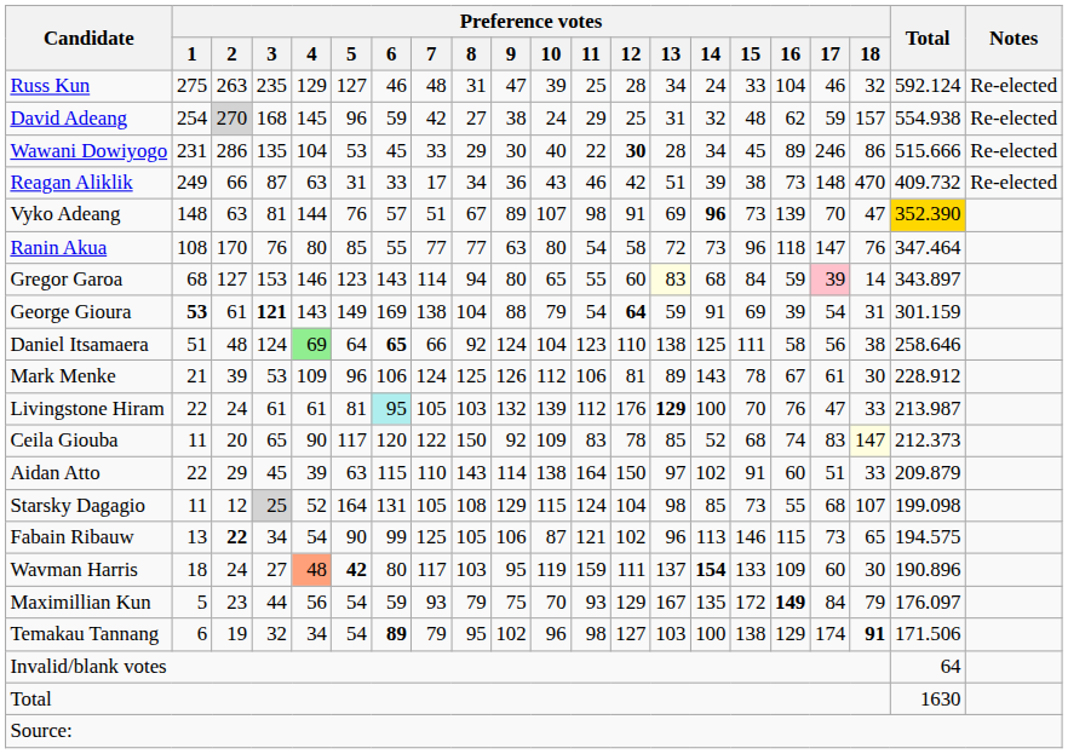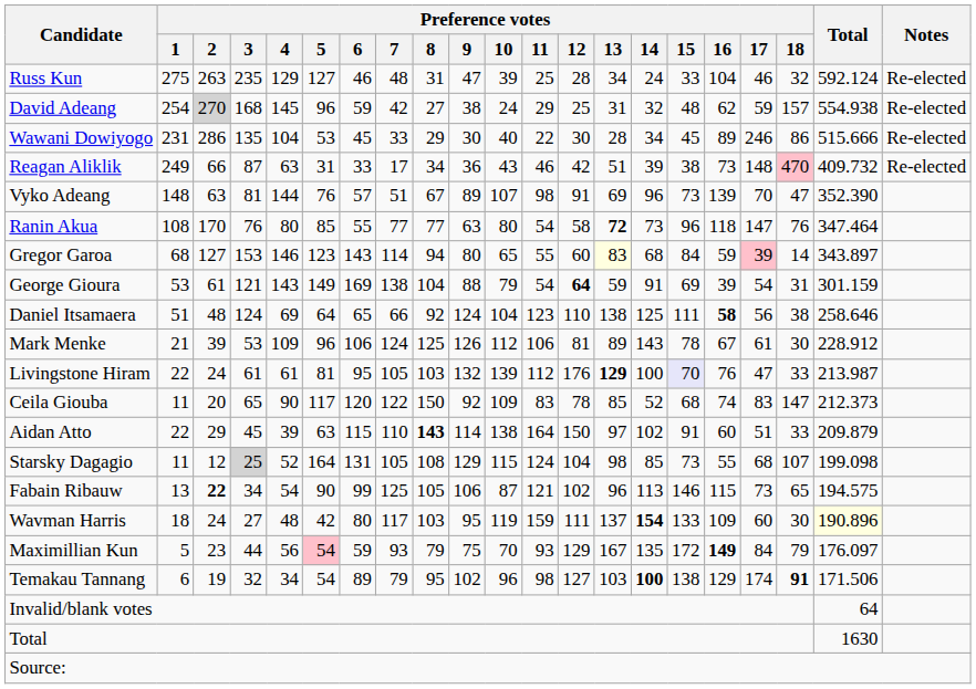 <table class="wikitable" style="text-align:right">
 <tr>
 <th rowspan="2">Candidate</th>
 <th colspan="18">Preference votes</th>
 <th rowspan="2">Total</th>
 <th rowspan="2">Notes</th>
 </tr>
 <tr>
 <th>1</th>
 <th>2</th>
 <th>3</th>
 <th>4</th>
 <th>5</th>
 <th>6</th>
 <th>7</th>
 <th>8</th>
 <th>9</th>
 <th>10</th>
 <th>11</th>
 <th>12</th>
 <th>13</th>
 <th>14</th>
 <th>15</th>
 <th>16</th>
 <th>17</th>
 <th>18</th>
 </tr>
 <tr>
 <td align="left"><a href='#'>Russ Kun</a></td>
 <td>275</td>
 <td>263</td>
 <td>235</td>
 <td>129</td>
 <td>127</td>
 <td>46</td>
 <td>48</td>
 <td>31</td>
 <td>47</td>
 <td>39</td>
 <td>25</td>
 <td>28</td>
 <td>34</td>
 <td>24</td>
 <td>33</td>
 <td>104</td>
 <td>46</td>
 <td>32</td>
 <td>592.124</td>
 <td align="left">Re-elected</td>
 </tr>
 <tr>
 <td align="left"><a href='#'>David Adeang</a></td>
 <td>254</td>
 <td style="background: lightgrey;">270</td>
 <td>168</td>
 <td>145</td>
 <td>96</td>
 <td>59</td>
 <td>42</td>
 <td>27</td>
 <td>38</td>
 <td>24</td>
 <td>29</td>
 <td>25</td>
 <td>31</td>
 <td>32</td>
 <td>48</td>
 <td>62</td>
 <td>59</td>
 <td>157</td>
 <td>554.938</td>
 <td align="left">Re-elected</td>
 </tr>
 <tr>
 <td align="left"><a href='#'>Wawani Dowiyogo</a></td>
 <td>231</td>
 <td>286</td>
 <td>135</td>
 <td>104</td>
 <td>53</td>
 <td>45</td>
 <td>33</td>
 <td>29</td>
 <td>30</td>
 <td>40</td>
 <td>22</td>
-<td><strong>30</strong></td>
+<td>30</td>
 <td>28</td>
 <td>34</td>
 <td>45</td>
 <td>89</td>
 <td>246</td>
 <td>86</td>
 <td>515.666</td>
 <td align="left">Re-elected</td>
 </tr>
 <tr>
 <td align="left"><a href='#'>Reagan Aliklik</a></td>
 <td>249</td>
 <td>66</td>
 <td>87</td>
 <td>63</td>
 <td>31</td>
 <td>33</td>
 <td>17</td>
 <td>34</td>
 <td>36</td>
 <td>43</td>
 <td>46</td>
 <td>42</td>
 <td>51</td>
 <td>39</td>
 <td>38</td>
 <td>73</td>
 <td>148</td>
-<td>470</td>
+<td style="background: pink;">470</td>
 <td>409.732</td>
 <td align="left">Re-elected</td>
 </tr>
 <tr>
 <td align="left">Vyko Adeang</td>
 <td>148</td>
 <td>63</td>
 <td>81</td>
 <td>144</td>
 <td>76</td>
 <td>57</td>
 <td>51</td>
 <td>67</td>
 <td>89</td>
 <td>107</td>
 <td>98</td>
 <td>91</td>
 <td>69</td>
-<td><strong>96</strong></td>
+<td>96</td>
 <td>73</td>
 <td>139</td>
 <td>70</td>
 <td>47</td>
-<td style="background: gold;">352.390</td>
+<td>352.390</td>
 <td></td>
 </tr>
 <tr>
 <td align="left"><a href='#'>Ranin Akua</a></td>
 <td>108</td>
 <td>170</td>
 <td>76</td>
 <td>80</td>
 <td>85</td>
 <td>55</td>
 <td>77</td>
 <td>77</td>
 <td>63</td>
 <td>80</td>
 <td>54</td>
 <td>58</td>
-<td>72</td>
+<td><strong>72</strong></td>
 <td>73</td>
 <td>96</td>
 <td>118</td>
 <td>147</td>
 <td>76</td>
 <td>347.464</td>
 <td></td>
 </tr>
 <tr>
 <td align="left">Gregor Garoa</td>
 <td>68</td>
 <td>127</td>
 <td>153</td>
 <td>146</td>
 <td>123</td>
 <td>143</td>
 <td>114</td>
 <td>94</td>
 <td>80</td>
 <td>65</td>
 <td>55</td>
 <td>60</td>
 <td style="background: lightyellow;">83</td>
 <td>68</td>
 <td>84</td>
 <td>59</td>
 <td style="background: pink;">39</td>
 <td>14</td>
 <td>343.897</td>
 <td></td>
 </tr>
 <tr>
 <td align="left">George Gioura</td>
-<td><strong>53</strong></td>
+<td>53</td>
 <td>61</td>
-<td><strong>121</strong></td>
+<td>121</td>
 <td>143</td>
 <td>149</td>
 <td>169</td>
 <td>138</td>
 <td>104</td>
 <td>88</td>
 <td>79</td>
 <td>54</td>
 <td><strong>64</strong></td>
 <td>59</td>
 <td>91</td>
 <td>69</td>
 <td>39</td>
 <td>54</td>
 <td>31</td>
 <td>301.159</td>
 <td></td>
 </tr>
 <tr>
 <td align="left">Daniel Itsamaera</td>
 <td>51</td>
 <td>48</td>
 <td>124</td>
-<td style="background: lightgreen;">69</td>
+<td>69</td>
 <td>64</td>
-<td><strong>65</strong></td>
+<td>65</td>
 <td>66</td>
 <td>92</td>
 <td>124</td>
 <td>104</td>
 <td>123</td>
 <td>110</td>
 <td>138</td>
 <td>125</td>
 <td>111</td>
-<td>58</td>
+<td><strong>58</strong></td>
 <td>56</td>
 <td>38</td>
 <td>258.646</td>
 <td></td>
 </tr>
 <tr>
 <td align="left">Mark Menke</td>
 <td>21</td>
 <td>39</td>
 <td>53</td>
 <td>109</td>
 <td>96</td>
 <td>106</td>
 <td>124</td>
 <td>125</td>
 <td>126</td>
 <td>112</td>
 <td>106</td>
 <td>81</td>
 <td>89</td>
 <td>143</td>
 <td>78</td>
 <td>67</td>
 <td>61</td>
 <td>30</td>
 <td>228.912</td>
 <td></td>
 </tr>
 <tr>
 <td align="left">Livingstone Hiram</td>
 <td>22</td>
 <td>24</td>
 <td>61</td>
 <td>61</td>
 <td>81</td>
-<td style="background: paleturquoise;">95</td>
+<td>95</td>
 <td>105</td>
 <td>103</td>
 <td>132</td>
 <td>139</td>
 <td>112</td>
 <td>176</td>
 <td><strong>129</strong></td>
 <td>100</td>
-<td>70</td>
+<td style="background: lavender;">70</td>
 <td>76</td>
 <td>47</td>
 <td>33</td>
 <td>213.987</td>
 <td></td>
 </tr>
 <tr>
 <td align="left">Ceila Giouba</td>
 <td>11</td>
 <td>20</td>
 <td>65</td>
 <td>90</td>
 <td>117</td>
 <td>120</td>
 <td>122</td>
 <td>150</td>
 <td>92</td>
 <td>109</td>
 <td>83</td>
 <td>78</td>
 <td>85</td>
 <td>52</td>
 <td>68</td>
 <td>74</td>
 <td>83</td>
-<td style="background: lightyellow;">147</td>
+<td>147</td>
 <td>212.373</td>
 <td></td>
 </tr>
 <tr>
 <td align="left">Aidan Atto</td>
 <td>22</td>
 <td>29</td>
 <td>45</td>
 <td>39</td>
 <td>63</td>
 <td>115</td>
 <td>110</td>
-<td>143</td>
+<td><strong>143</strong></td>
 <td>114</td>
 <td>138</td>
 <td>164</td>
 <td>150</td>
 <td>97</td>
 <td>102</td>
 <td>91</td>
 <td>60</td>
 <td>51</td>
 <td>33</td>
 <td>209.879</td>
 <td></td>
 </tr>
 <tr>
 <td align="left">Starsky Dagagio</td>
 <td>11</td>
 <td>12</td>
 <td style="background: lightgrey;">25</td>
 <td>52</td>
 <td>164</td>
 <td>131</td>
 <td>105</td>
 <td>108</td>
 <td>129</td>
 <td>115</td>
 <td>124</td>
 <td>104</td>
 <td>98</td>
 <td>85</td>
 <td>73</td>
 <td>55</td>
 <td>68</td>
 <td>107</td>
 <td>199.098</td>
 <td></td>
 </tr>
 <tr>
 <td align="left">Fabain Ribauw</td>
 <td>13</td>
 <td><strong>22</strong></td>
 <td>34</td>
 <td>54</td>
 <td>90</td>
 <td>99</td>
 <td>125</td>
 <td>105</td>
 <td>106</td>
 <td>87</td>
 <td>121</td>
 <td>102</td>
 <td>96</td>
 <td>113</td>
 <td>146</td>
 <td>115</td>
 <td>73</td>
 <td>65</td>
 <td>194.575</td>
 <td></td>
 </tr>
 <tr>
 <td align="left">Wavman Harris</td>
 <td>18</td>
 <td>24</td>
 <td>27</td>
-<td style="background: lightsalmon;">48</td>
-<td><strong>42</strong></td>
+<td>48</td>
+<td>42</td>
 <td>80</td>
 <td>117</td>
 <td>103</td>
 <td>95</td>
 <td>119</td>
 <td>159</td>
 <td>111</td>
 <td>137</td>
 <td><strong>154</strong></td>
 <td>133</td>
 <td>109</td>
 <td>60</td>
 <td>30</td>
-<td>190.896</td>
+<td style="background: lightyellow;">190.896</td>
 <td></td>
 </tr>
 <tr>
 <td align="left">Maximillian Kun</td>
 <td>5</td>
 <td>23</td>
 <td>44</td>
 <td>56</td>
-<td>54</td>
+<td style="background: pink;">54</td>
 <td>59</td>
 <td>93</td>
 <td>79</td>
 <td>75</td>
 <td>70</td>
 <td>93</td>
 <td>129</td>
 <td>167</td>
 <td>135</td>
 <td>172</td>
 <td><strong>149</strong></td>
 <td>84</td>
 <td>79</td>
 <td>176.097</td>
 <td></td>
 </tr>
 <tr>
 <td align="left">Temakau Tannang</td>
 <td>6</td>
 <td>19</td>
 <td>32</td>
 <td>34</td>
 <td>54</td>
-<td><strong>89</strong></td>
+<td>89</td>
 <td>79</td>
 <td>95</td>
 <td>102</td>
 <td>96</td>
 <td>98</td>
 <td>127</td>
 <td>103</td>
-<td>100</td>
+<td><strong>100</strong></td>
 <td>138</td>
 <td>129</td>
 <td>174</td>
 <td><strong>91</strong></td>
 <td>171.506</td>
 <td></td>
 </tr>
 <tr>
 <td colspan="19" align="left">Invalid/blank votes</td>
 <td>64</td>
 <td></td>
 </tr>
 <tr>
 <td colspan="19" align="left">Total</td>
 <td>1630</td>
 <td></td>
 </tr>
 <tr>
 <td colspan="21" align="left">Source: </td>
 </tr>
 </table>
